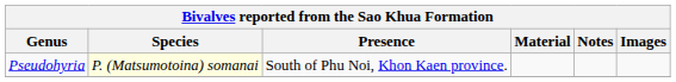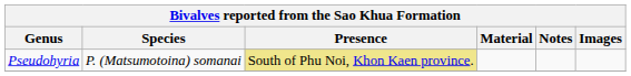 <table class="wikitable" align="center">
 <tr>
 <th colspan="6" align="center"><strong><a href='#'>Bivalves</a> reported from the Sao Khua Formation</strong></th>
 </tr>
 <tr>
 <th>Genus</th>
 <th>Species</th>
 <th>Presence</th>
 <th><strong>Material</strong></th>
 <th>Notes</th>
 <th>Images</th>
 </tr>
 <tr>
 <td><em><a href='#'>Pseudohyria</a></em></td>
-<td style="background: lightyellow;"><em>P. (Matsumotoina) somanai</em></td>
-<td>South of Phu Noi, <a href='#'>Khon Kaen province</a>.</td>
+<td><em>P. (Matsumotoina) somanai</em></td>
+<td style="background: khaki;">South of Phu Noi, <a href='#'>Khon Kaen province</a>.</td>
 <td></td>
 <td></td>
 <td></td>
 </tr>
 <tr>
 </tr>
 </table>
